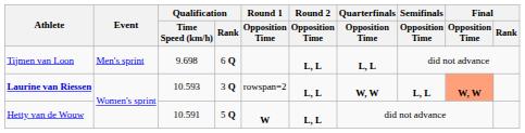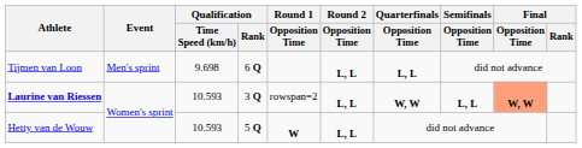 <table class="wikitable" style="font-size:90%;text-align:center;">
 <tr>
 <th rowspan=2>Athlete</th>
 <th rowspan=2>Event</th>
 <th colspan=2>Qualification</th>
 <th>Round 1</th>
 <th>Round 2</th>
 <th>Quarterfinals</th>
 <th>Semifinals</th>
 <th colspan=2>Final</th>
 </tr>
 <tr style="font-size:95%">
 <th>Time<br>Speed (km/h)</th>
 <th>Rank</th>
 <th>Opposition<br>Time</th>
 <th>Opposition<br>Time</th>
 <th>Opposition<br>Time</th>
 <th>Opposition<br>Time</th>
 <th>Opposition<br>Time</th>
 <th>Rank</th>
 </tr>
 <tr>
 <td align=left><a href='#'>Tijmen van Loon</a></td>
 <td align=left rowspan=1><a href='#'>Men's sprint</a></td>
 <td>9.698</td>
 <td>6 <strong>Q</strong></td>
 <td></td>
 <td><br><strong>L, L</strong></td>
 <td><br><strong>L, L</strong></td>
 <td colspan=3>did not advance</td>
 </tr>
 <tr>
 <td align=left><strong><a href='#'>Laurine van Riessen</a></strong></td>
 <td align=left rowspan=2><a href='#'>Women's sprint</a></td>
 <td>10.593</td>
 <td>3 <strong>Q</strong></td>
 <td>rowspan=2 </td>
 <td><br><strong>L, L</strong></td>
 <td><br><strong>W, W</strong></td>
 <td><br><strong>L, L</strong></td>
 <td style="background: lightsalmon;"><br><strong>W, W</strong></td>
 <td></td>
 </tr>
 <tr>
 <td align=left><a href='#'>Hetty van de Wouw</a></td>
-<td>10.591</td>
+<td>10.593</td>
 <td>5 <strong>Q</strong></td>
 <td><br><strong>W</strong></td>
 <td><br><strong>L, L</strong></td>
 <td colspan=3>did not advance</td>
 </tr>
 </table>
